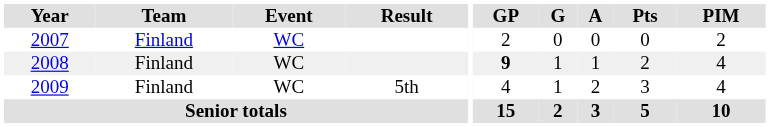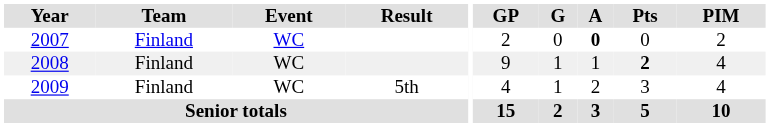 <table border="0" cellpadding="1" cellspacing="0" ID="Table3" style="text-align:center; width:40em">
 <tr ALIGN="center" bgcolor="#e0e0e0">
 <th>Year</th>
 <th>Team</th>
 <th>Event</th>
 <th>Result</th>
 <th rowspan="99" bgcolor="#ffffff"></th>
 <th>GP</th>
 <th>G</th>
 <th>A</th>
 <th>Pts</th>
 <th>PIM</th>
 </tr>
 <tr>
 <td><a href='#'>2007</a></td>
 <td><a href='#'>Finland</a></td>
 <td><a href='#'>WC</a></td>
 <td></td>
 <td>2</td>
 <td>0</td>
-<td>0</td>
+<td><strong>0</strong></td>
 <td>0</td>
 <td>2</td>
 </tr>
 <tr bgcolor="#f0f0f0">
 <td><a href='#'>2008</a></td>
 <td>Finland</td>
 <td>WC</td>
 <td></td>
-<td><strong>9</strong></td>
+<td>9</td>
 <td>1</td>
 <td>1</td>
-<td>2</td>
+<td><strong>2</strong></td>
 <td>4</td>
 </tr>
 <tr>
 <td><a href='#'>2009</a></td>
 <td>Finland</td>
 <td>WC</td>
 <td>5th</td>
 <td>4</td>
 <td>1</td>
 <td>2</td>
 <td>3</td>
 <td>4</td>
 </tr>
 <tr bgcolor="#e0e0e0">
 <th colspan="4">Senior totals</th>
 <th>15</th>
 <th>2</th>
 <th>3</th>
 <th>5</th>
 <th>10</th>
 </tr>
 </table>
